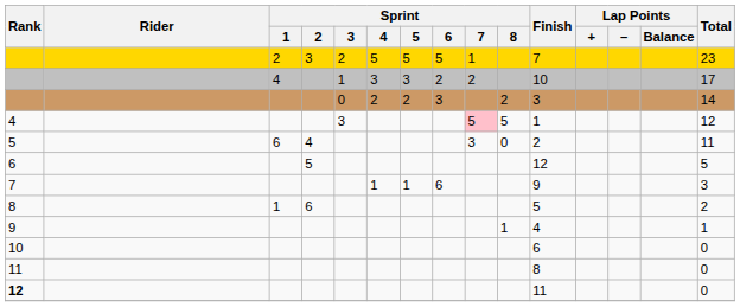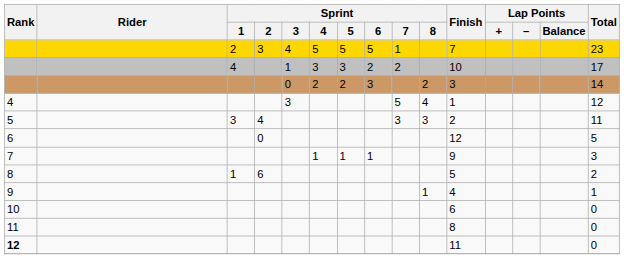 <table class="wikitable" style="font-size:95%" style="width:35em;" style="text-align:center">
 <tr>
 <th rowspan=2>Rank</th>
 <th rowspan=2 width=250>Rider</th>
 <th colspan=8>Sprint</th>
 <th rowspan=2>Finish</th>
 <th colspan=3>Lap Points</th>
 <th rowspan=2>Total</th>
 </tr>
 <tr>
 <th width=30>1</th>
 <th width=30>2</th>
 <th width=30>3</th>
 <th width=30>4</th>
 <th width=30>5</th>
 <th width=30>6</th>
 <th width=30>7</th>
 <th width=30>8</th>
 <th width=30>+</th>
 <th width=30>–</th>
 <th width=40>Balance</th>
 </tr>
 <tr bgcolor=gold>
 <td></td>
 <td align=left></td>
 <td>2</td>
 <td>3</td>
-<td>2</td>
+<td>4</td>
 <td>5</td>
 <td>5</td>
 <td>5</td>
 <td>1</td>
 <td></td>
 <td>7</td>
 <td></td>
 <td></td>
 <td></td>
 <td>23</td>
 </tr>
 <tr bgcolor=silver>
 <td></td>
 <td align=left></td>
 <td>4</td>
 <td></td>
 <td>1</td>
 <td>3</td>
 <td>3</td>
 <td>2</td>
 <td>2</td>
 <td></td>
 <td>10</td>
 <td></td>
 <td></td>
 <td></td>
 <td>17</td>
 </tr>
 <tr bgcolor=cc9966>
 <td></td>
 <td align=left></td>
 <td></td>
 <td></td>
 <td>0</td>
 <td>2</td>
 <td>2</td>
 <td>3</td>
 <td></td>
 <td>2</td>
 <td>3</td>
 <td></td>
 <td></td>
 <td></td>
 <td>14</td>
 </tr>
 <tr>
 <td>4</td>
 <td align=left></td>
 <td></td>
 <td></td>
 <td>3</td>
 <td></td>
 <td></td>
 <td></td>
-<td style="background: pink;">5</td>
 <td>5</td>
+<td>4</td>
 <td>1</td>
 <td></td>
 <td></td>
 <td></td>
 <td>12</td>
 </tr>
 <tr>
 <td>5</td>
 <td align=left></td>
-<td>6</td>
+<td>3</td>
 <td>4</td>
 <td></td>
 <td></td>
 <td></td>
 <td></td>
 <td>3</td>
-<td>0</td>
+<td>3</td>
 <td>2</td>
 <td></td>
 <td></td>
 <td></td>
 <td>11</td>
 </tr>
 <tr>
 <td>6</td>
 <td align=left></td>
 <td></td>
-<td>5</td>
+<td>0</td>
 <td></td>
 <td></td>
 <td></td>
 <td></td>
 <td></td>
 <td></td>
 <td>12</td>
 <td></td>
 <td></td>
 <td></td>
 <td>5</td>
 </tr>
 <tr>
 <td>7</td>
 <td align=left></td>
 <td></td>
 <td></td>
 <td></td>
 <td>1</td>
 <td>1</td>
-<td>6</td>
+<td>1</td>
 <td></td>
 <td></td>
 <td>9</td>
 <td></td>
 <td></td>
 <td></td>
 <td>3</td>
 </tr>
 <tr>
 <td>8</td>
 <td align=left></td>
 <td>1</td>
 <td>6</td>
 <td></td>
 <td></td>
 <td></td>
 <td></td>
 <td></td>
 <td></td>
 <td>5</td>
 <td></td>
 <td></td>
 <td></td>
 <td>2</td>
 </tr>
 <tr>
 <td>9</td>
 <td align=left></td>
 <td></td>
 <td></td>
 <td></td>
 <td></td>
 <td></td>
 <td></td>
 <td></td>
 <td>1</td>
 <td>4</td>
 <td></td>
 <td></td>
 <td></td>
 <td>1</td>
 </tr>
 <tr>
 <td>10</td>
 <td align=left></td>
 <td></td>
 <td></td>
 <td></td>
 <td></td>
 <td></td>
 <td></td>
 <td></td>
 <td></td>
 <td>6</td>
 <td></td>
 <td></td>
 <td></td>
 <td>0</td>
 </tr>
 <tr>
 <td>11</td>
 <td align=left></td>
 <td></td>
 <td></td>
 <td></td>
 <td></td>
 <td></td>
 <td></td>
 <td></td>
 <td></td>
 <td>8</td>
 <td></td>
 <td></td>
 <td></td>
 <td>0</td>
 </tr>
 <tr>
 <td><strong>12</strong></td>
 <td align=left></td>
 <td></td>
 <td></td>
 <td></td>
 <td></td>
 <td></td>
 <td></td>
 <td></td>
 <td></td>
 <td>11</td>
 <td></td>
 <td></td>
 <td></td>
 <td>0</td>
 </tr>
 <tr>
 </tr>
 </table>
